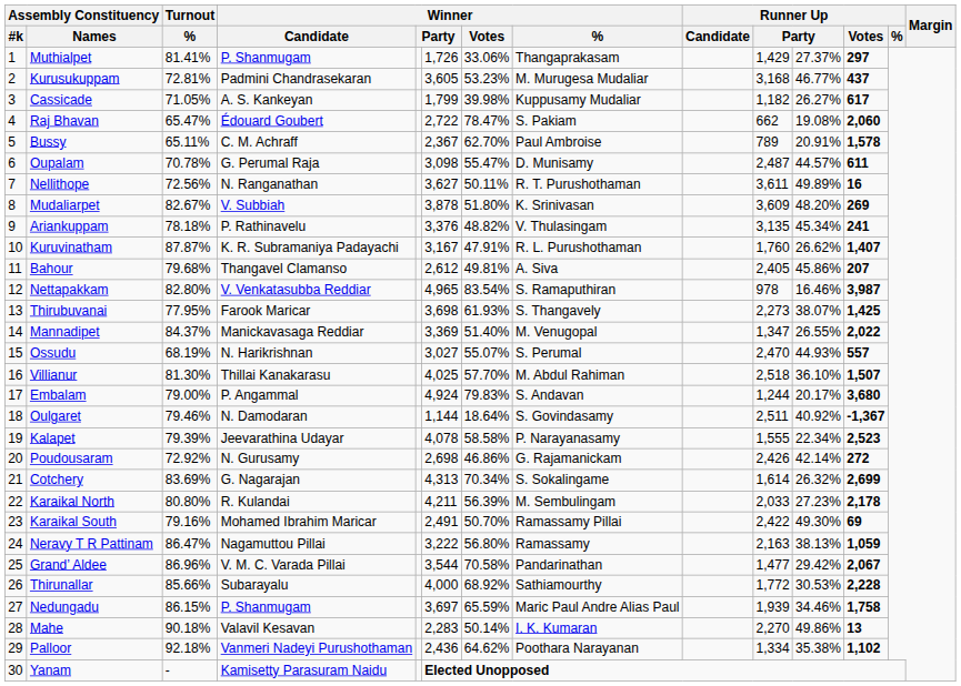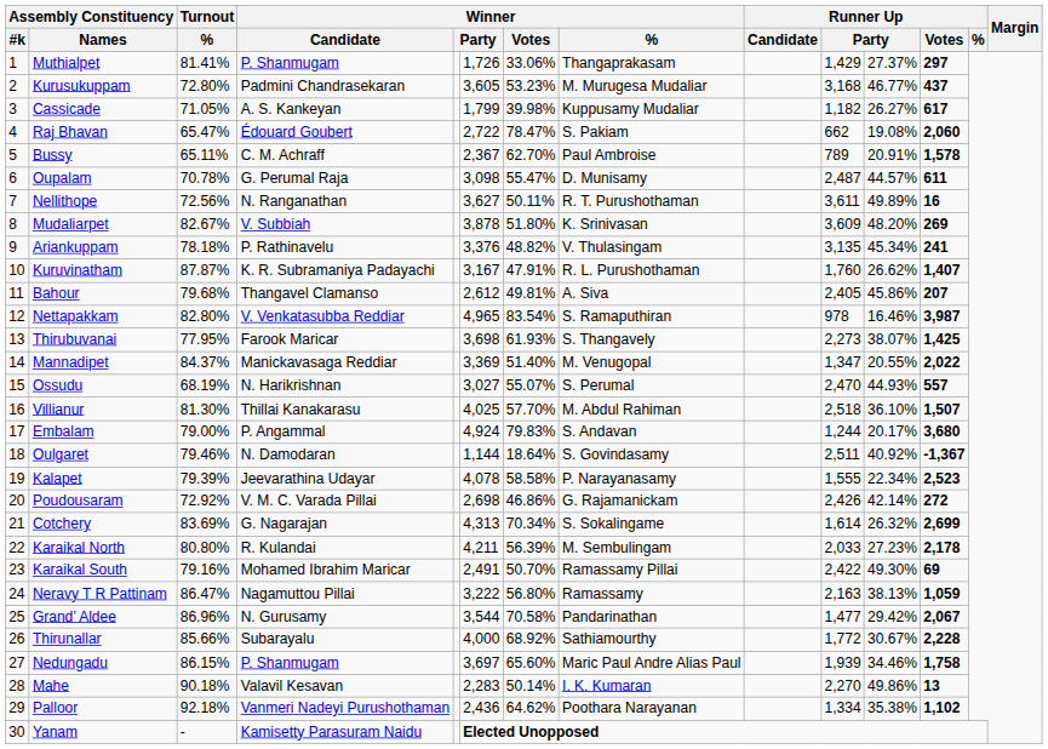 <table class="wikitable sortable">
 <tr>
 <th colspan="2">Assembly Constituency</th>
 <th>Turnout</th>
 <th colspan="5">Winner</th>
 <th colspan="5">Runner Up</th>
 <th rowspan="2" data-sort-type=number>Margin</th>
 </tr>
 <tr>
 <th>#k</th>
 <th>Names</th>
 <th>%</th>
 <th>Candidate</th>
 <th colspan="2">Party</th>
 <th data-sort-type=number>Votes</th>
 <th>%</th>
 <th>Candidate</th>
 <th colspan="2">Party</th>
 <th data-sort-type=number>Votes</th>
 <th>%</th>
 </tr>
 <tr>
 <td>1</td>
 <td><a href='#'>Muthialpet</a></td>
 <td>81.41%</td>
 <td><a href='#'>P. Shanmugam</a></td>
 <td></td>
 <td>1,726</td>
 <td>33.06%</td>
 <td>Thangaprakasam</td>
 <td></td>
 <td>1,429</td>
 <td>27.37%</td>
 <td style="background:"><span><strong>297</strong></span></td>
 </tr>
 <tr>
 <td>2</td>
 <td><a href='#'>Kurusukuppam</a></td>
-<td>72.81%</td>
+<td>72.80%</td>
 <td>Padmini Chandrasekaran</td>
 <td></td>
 <td>3,605</td>
 <td>53.23%</td>
 <td>M. Murugesa Mudaliar</td>
 <td></td>
 <td>3,168</td>
 <td>46.77%</td>
 <td style="background:"><span><strong>437</strong></span></td>
 </tr>
 <tr>
 <td>3</td>
 <td><a href='#'>Cassicade</a></td>
 <td>71.05%</td>
 <td>A. S. Kankeyan</td>
 <td></td>
 <td>1,799</td>
 <td>39.98%</td>
 <td>Kuppusamy Mudaliar</td>
 <td></td>
 <td>1,182</td>
 <td>26.27%</td>
 <td style="background:"><span><strong>617</strong></span></td>
 </tr>
 <tr>
 <td>4</td>
 <td><a href='#'>Raj Bhavan</a></td>
 <td>65.47%</td>
 <td><a href='#'>Édouard Goubert</a></td>
 <td></td>
 <td>2,722</td>
 <td>78.47%</td>
 <td>S. Pakiam</td>
 <td></td>
 <td>662</td>
 <td>19.08%</td>
 <td style="background:"><span><strong>2,060</strong></span></td>
 </tr>
 <tr>
 <td>5</td>
 <td><a href='#'>Bussy</a></td>
 <td>65.11%</td>
 <td>C. M. Achraff</td>
 <td></td>
 <td>2,367</td>
 <td>62.70%</td>
 <td>Paul Ambroise</td>
 <td></td>
 <td>789</td>
 <td>20.91%</td>
 <td style="background:"><span><strong>1,578</strong></span></td>
 </tr>
 <tr>
 <td>6</td>
 <td><a href='#'>Oupalam</a></td>
 <td>70.78%</td>
 <td>G. Perumal Raja</td>
 <td></td>
 <td>3,098</td>
 <td>55.47%</td>
 <td>D. Munisamy</td>
 <td></td>
 <td>2,487</td>
 <td>44.57%</td>
 <td style="background:"><span><strong>611</strong></span></td>
 </tr>
 <tr>
 <td>7</td>
 <td><a href='#'>Nellithope</a></td>
 <td>72.56%</td>
 <td>N. Ranganathan</td>
 <td></td>
 <td>3,627</td>
 <td>50.11%</td>
 <td>R. T. Purushothaman</td>
 <td></td>
 <td>3,611</td>
 <td>49.89%</td>
 <td style="background:"><span><strong>16</strong></span></td>
 </tr>
 <tr>
 <td>8</td>
 <td><a href='#'>Mudaliarpet</a></td>
 <td>82.67%</td>
 <td><a href='#'>V. Subbiah</a></td>
 <td></td>
 <td>3,878</td>
 <td>51.80%</td>
 <td>K. Srinivasan</td>
 <td></td>
 <td>3,609</td>
 <td>48.20%</td>
 <td style="background:"><span><strong>269</strong></span></td>
 </tr>
 <tr>
 <td>9</td>
 <td><a href='#'>Ariankuppam</a></td>
 <td>78.18%</td>
 <td>P. Rathinavelu</td>
 <td></td>
 <td>3,376</td>
 <td>48.82%</td>
 <td>V. Thulasingam</td>
 <td></td>
 <td>3,135</td>
 <td>45.34%</td>
 <td style="background:"><span><strong>241</strong></span></td>
 </tr>
 <tr>
 <td>10</td>
 <td><a href='#'>Kuruvinatham</a></td>
 <td>87.87%</td>
 <td>K. R. Subramaniya Padayachi</td>
 <td></td>
 <td>3,167</td>
 <td>47.91%</td>
 <td>R. L. Purushothaman</td>
 <td></td>
 <td>1,760</td>
 <td>26.62%</td>
 <td style="background:"><span><strong>1,407</strong></span></td>
 </tr>
 <tr>
 <td>11</td>
 <td><a href='#'>Bahour</a></td>
 <td>79.68%</td>
 <td>Thangavel Clamanso</td>
 <td></td>
 <td>2,612</td>
 <td>49.81%</td>
 <td>A. Siva</td>
 <td></td>
 <td>2,405</td>
 <td>45.86%</td>
 <td style="background:"><span><strong>207</strong></span></td>
 </tr>
 <tr>
 <td>12</td>
 <td><a href='#'>Nettapakkam</a></td>
 <td>82.80%</td>
 <td><a href='#'>V. Venkatasubba Reddiar</a></td>
 <td></td>
 <td>4,965</td>
 <td>83.54%</td>
 <td>S. Ramaputhiran</td>
 <td></td>
 <td>978</td>
 <td>16.46%</td>
 <td style="background:"><span><strong>3,987</strong></span></td>
 </tr>
 <tr>
 <td>13</td>
 <td><a href='#'>Thirubuvanai</a></td>
 <td>77.95%</td>
 <td>Farook Maricar</td>
 <td></td>
 <td>3,698</td>
 <td>61.93%</td>
 <td>S. Thangavely</td>
 <td></td>
 <td>2,273</td>
 <td>38.07%</td>
 <td style="background:"><span><strong>1,425</strong></span></td>
 </tr>
 <tr>
 <td>14</td>
 <td><a href='#'>Mannadipet</a></td>
 <td>84.37%</td>
 <td>Manickavasaga Reddiar</td>
 <td></td>
 <td>3,369</td>
 <td>51.40%</td>
 <td>M. Venugopal</td>
 <td></td>
 <td>1,347</td>
-<td>26.55%</td>
+<td>20.55%</td>
 <td style="background:"><span><strong>2,022</strong></span></td>
 </tr>
 <tr>
 <td>15</td>
 <td><a href='#'>Ossudu</a></td>
 <td>68.19%</td>
 <td>N. Harikrishnan</td>
 <td></td>
 <td>3,027</td>
 <td>55.07%</td>
 <td>S. Perumal</td>
 <td></td>
 <td>2,470</td>
 <td>44.93%</td>
 <td style="background:"><span><strong>557</strong></span></td>
 </tr>
 <tr>
 <td>16</td>
 <td><a href='#'>Villianur</a></td>
 <td>81.30%</td>
 <td>Thillai Kanakarasu</td>
 <td></td>
 <td>4,025</td>
 <td>57.70%</td>
 <td>M. Abdul Rahiman</td>
 <td></td>
 <td>2,518</td>
 <td>36.10%</td>
 <td style="background:"><span><strong>1,507</strong></span></td>
 </tr>
 <tr>
 <td>17</td>
 <td><a href='#'>Embalam</a></td>
 <td>79.00%</td>
 <td>P. Angammal</td>
 <td></td>
 <td>4,924</td>
 <td>79.83%</td>
 <td>S. Andavan</td>
 <td></td>
 <td>1,244</td>
 <td>20.17%</td>
 <td style="background:"><span><strong>3,680</strong></span></td>
 </tr>
 <tr>
 <td>18</td>
 <td><a href='#'>Oulgaret</a></td>
 <td>79.46%</td>
 <td>N. Damodaran</td>
 <td></td>
 <td>1,144</td>
 <td>18.64%</td>
 <td>S. Govindasamy</td>
 <td></td>
 <td>2,511</td>
 <td>40.92%</td>
 <td style="background:"><span><strong>-1,367</strong></span></td>
 </tr>
 <tr>
 <td>19</td>
 <td><a href='#'>Kalapet</a></td>
 <td>79.39%</td>
 <td>Jeevarathina Udayar</td>
 <td></td>
 <td>4,078</td>
 <td>58.58%</td>
 <td>P. Narayanasamy</td>
 <td></td>
 <td>1,555</td>
 <td>22.34%</td>
 <td style="background:"><span><strong>2,523</strong></span></td>
 </tr>
 <tr>
 <td>20</td>
 <td><a href='#'>Poudousaram</a></td>
 <td>72.92%</td>
-<td>N. Gurusamy</td>
+<td>V. M. C. Varada Pillai</td>
 <td></td>
 <td>2,698</td>
 <td>46.86%</td>
 <td>G. Rajamanickam</td>
 <td></td>
 <td>2,426</td>
 <td>42.14%</td>
 <td style="background:"><span><strong>272</strong></span></td>
 </tr>
 <tr>
 <td>21</td>
 <td><a href='#'>Cotchery</a></td>
 <td>83.69%</td>
 <td>G. Nagarajan</td>
 <td></td>
 <td>4,313</td>
 <td>70.34%</td>
 <td>S. Sokalingame</td>
 <td></td>
 <td>1,614</td>
 <td>26.32%</td>
 <td style="background:"><span><strong>2,699</strong></span></td>
 </tr>
 <tr>
 <td>22</td>
 <td><a href='#'>Karaikal North</a></td>
 <td>80.80%</td>
 <td>R. Kulandai</td>
 <td></td>
 <td>4,211</td>
 <td>56.39%</td>
 <td>M. Sembulingam</td>
 <td></td>
 <td>2,033</td>
 <td>27.23%</td>
 <td style="background:"><span><strong>2,178</strong></span></td>
 </tr>
 <tr>
 <td>23</td>
 <td><a href='#'>Karaikal South</a></td>
 <td>79.16%</td>
 <td>Mohamed Ibrahim Maricar</td>
 <td></td>
 <td>2,491</td>
 <td>50.70%</td>
 <td>Ramassamy Pillai</td>
 <td></td>
 <td>2,422</td>
 <td>49.30%</td>
 <td style="background:"><span><strong>69</strong></span></td>
 </tr>
 <tr>
 <td>24</td>
 <td><a href='#'>Neravy T R Pattinam</a></td>
 <td>86.47%</td>
 <td>Nagamuttou Pillai</td>
 <td></td>
 <td>3,222</td>
 <td>56.80%</td>
 <td>Ramassamy</td>
 <td></td>
 <td>2,163</td>
 <td>38.13%</td>
 <td style="background:"><span><strong>1,059</strong></span></td>
 </tr>
 <tr>
 <td>25</td>
 <td><a href='#'>Grand’ Aldee</a></td>
 <td>86.96%</td>
-<td>V. M. C. Varada Pillai</td>
+<td>N. Gurusamy</td>
 <td></td>
 <td>3,544</td>
 <td>70.58%</td>
 <td>Pandarinathan</td>
 <td></td>
 <td>1,477</td>
 <td>29.42%</td>
 <td style="background:"><span><strong>2,067</strong></span></td>
 </tr>
 <tr>
 <td>26</td>
 <td><a href='#'>Thirunallar</a></td>
 <td>85.66%</td>
 <td>Subarayalu</td>
 <td></td>
 <td>4,000</td>
 <td>68.92%</td>
 <td>Sathiamourthy</td>
 <td></td>
 <td>1,772</td>
-<td>30.53%</td>
+<td>30.67%</td>
 <td style="background:"><span><strong>2,228</strong></span></td>
 </tr>
 <tr>
 <td>27</td>
 <td><a href='#'>Nedungadu</a></td>
 <td>86.15%</td>
 <td><a href='#'>P. Shanmugam</a></td>
 <td></td>
 <td>3,697</td>
-<td>65.59%</td>
+<td>65.60%</td>
 <td>Maric Paul Andre Alias Paul</td>
 <td></td>
 <td>1,939</td>
 <td>34.46%</td>
 <td style="background:"><span><strong>1,758</strong></span></td>
 </tr>
 <tr>
 <td>28</td>
 <td><a href='#'>Mahe</a></td>
 <td>90.18%</td>
 <td>Valavil Kesavan</td>
 <td></td>
 <td>2,283</td>
 <td>50.14%</td>
 <td><a href='#'>I. K. Kumaran</a></td>
 <td></td>
 <td>2,270</td>
 <td>49.86%</td>
 <td style="background:"><span><strong>13</strong></span></td>
 </tr>
 <tr>
 <td>29</td>
 <td><a href='#'>Palloor</a></td>
 <td>92.18%</td>
 <td><a href='#'>Vanmeri Nadeyi Purushothaman</a></td>
 <td></td>
 <td>2,436</td>
 <td>64.62%</td>
 <td>Poothara Narayanan</td>
 <td></td>
 <td>1,334</td>
 <td>35.38%</td>
 <td style="background:"><span><strong>1,102</strong></span></td>
 </tr>
 <tr>
 <td>30</td>
 <td><a href='#'>Yanam</a></td>
 <td>-</td>
 <td><a href='#'>Kamisetty Parasuram Naidu</a></td>
 <td></td>
 <td colspan=8><strong>Elected Unopposed</strong></td>
 </tr>
 </table>
